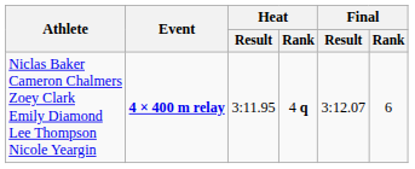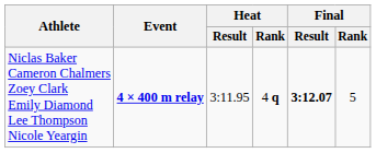 <table class=wikitable style=font-size:90%>
 <tr>
 <th rowspan=2>Athlete</th>
 <th rowspan=2>Event</th>
 <th colspan=2>Heat</th>
 <th colspan=2>Final</th>
 </tr>
 <tr style=font-size:95%>
 <th>Result</th>
 <th>Rank</th>
 <th>Result</th>
 <th>Rank</th>
 </tr>
 <tr align=center>
 <td align=left><a href='#'>Niclas Baker</a><br><a href='#'>Cameron Chalmers</a><br><a href='#'>Zoey Clark</a><br><a href='#'>Emily Diamond</a><br><a href='#'>Lee Thompson</a><br><a href='#'>Nicole Yeargin</a></td>
 <td align=left><strong><a href='#'>4 × 400 m relay</a></strong></td>
 <td>3:11.95</td>
 <td>4 <strong>q</strong></td>
-<td>3:12.07</td>
-<td>6</td>
+<td><strong>3:12.07</strong></td>
+<td>5</td>
 </tr>
 </table>
